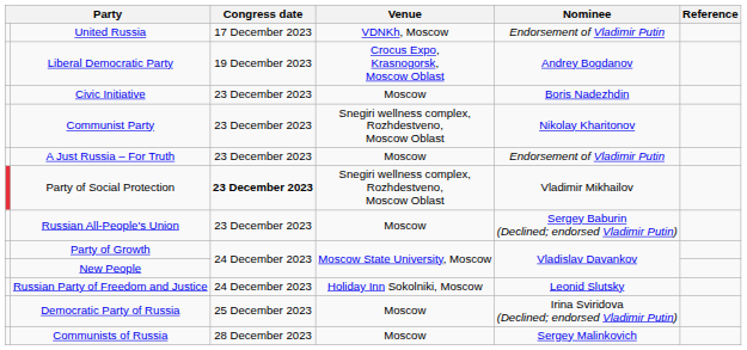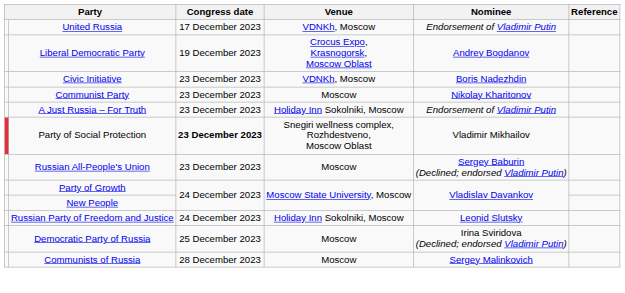 <table class="wikitable" style="text-align:center">
 <tr>
 <th colspan="2">Party</th>
 <th>Congress date</th>
 <th>Venue</th>
 <th>Nominee</th>
 <th>Reference</th>
 </tr>
 <tr>
 <td style="background-color:"></td>
 <td><a href='#'>United Russia</a></td>
 <td>17 December 2023</td>
 <td><a href='#'>VDNKh</a>, Moscow</td>
 <td><em>Endorsement of <a href='#'>Vladimir Putin</a></em></td>
 <td></td>
 </tr>
 <tr>
 <td style="background-color:"></td>
 <td><a href='#'>Liberal Democratic Party</a></td>
 <td>19 December 2023</td>
 <td><a href='#'>Crocus Expo</a>,<br><a href='#'>Krasnogorsk</a>,<br><a href='#'>Moscow Oblast</a></td>
 <td><a href='#'>Andrey Bogdanov</a></td>
 <td></td>
 </tr>
 <tr>
 <td style="background-color:"></td>
 <td><a href='#'>Civic Initiative</a></td>
 <td>23 December 2023</td>
-<td>Moscow</td>
+<td><a href='#'>VDNKh</a>, Moscow</td>
 <td><a href='#'>Boris Nadezhdin</a></td>
 <td></td>
 </tr>
 <tr>
 <td style="background-color:"></td>
 <td><a href='#'>Communist Party</a></td>
 <td>23 December 2023</td>
-<td>Snegiri wellness complex,<br>Rozhdestveno,<br>Moscow Oblast</td>
+<td>Moscow</td>
 <td><a href='#'>Nikolay Kharitonov</a></td>
 <td></td>
 </tr>
 <tr>
 <td style="background-color:"></td>
 <td><a href='#'>A Just Russia – For Truth</a></td>
 <td>23 December 2023</td>
-<td>Moscow</td>
+<td><a href='#'>Holiday Inn</a> Sokolniki, Moscow</td>
 <td><em>Endorsement of <a href='#'>Vladimir Putin</a></em></td>
 <td></td>
 </tr>
 <tr>
 <td style="background-color:#e62e3a;"></td>
 <td>Party of Social Protection</td>
 <td><strong>23 December 2023</strong></td>
 <td>Snegiri wellness complex,<br>Rozhdestveno,<br>Moscow Oblast</td>
 <td>Vladimir Mikhailov</td>
 <td></td>
 </tr>
 <tr>
 <td style="background-color:"></td>
 <td><a href='#'>Russian All-People's Union</a></td>
 <td>23 December 2023</td>
 <td>Moscow</td>
 <td><a href='#'>Sergey Baburin</a> <br><em>(Declined; endorsed <a href='#'>Vladimir Putin</a>)</em></td>
 <td></td>
 </tr>
 <tr>
 <td style="background-color:"></td>
 <td><a href='#'>Party of Growth</a></td>
 <td rowspan="2">24 December 2023</td>
 <td rowspan="2"><a href='#'>Moscow State University</a>, Moscow</td>
 <td rowspan="2"><a href='#'>Vladislav Davankov</a></td>
 <td></td>
 </tr>
 <tr>
 <td style="background-color:"></td>
 <td><a href='#'>New People</a></td>
 <td></td>
 </tr>
 <tr>
 <td style="background-color:"></td>
 <td><a href='#'>Russian Party of Freedom and Justice</a></td>
 <td>24 December 2023</td>
 <td><a href='#'>Holiday Inn</a> Sokolniki, Moscow</td>
 <td><a href='#'>Leonid Slutsky</a></td>
 <td></td>
 </tr>
 <tr>
 <td style="background-color:"></td>
 <td><a href='#'>Democratic Party of Russia</a></td>
 <td>25 December 2023</td>
 <td>Moscow</td>
 <td>Irina Sviridova <br><em>(Declined; endorsed <a href='#'>Vladimir Putin</a>)</em></td>
 <td></td>
 </tr>
 <tr>
 <td style="background-color:"></td>
 <td><a href='#'>Communists of Russia</a></td>
 <td>28 December 2023</td>
 <td>Moscow</td>
 <td><a href='#'>Sergey Malinkovich</a></td>
 <td></td>
 </tr>
 </table>
